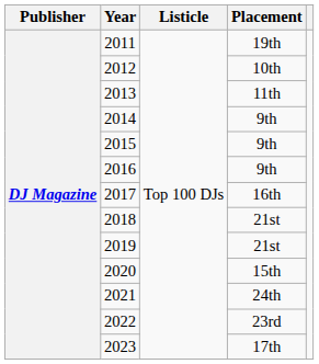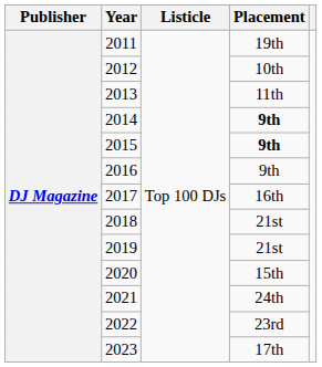 <table class="wikitable plainrowheaders" style="text-align:center">
 <tr>
 <th scope="col">Publisher</th>
 <th scope="col">Year</th>
 <th scope="col">Listicle</th>
 <th scope="col">Placement</th>
 <th scope="col"></th>
 </tr>
 <tr>
 <th rowspan="13" scope="row"><em><a href='#'>DJ Magazine</a></em></th>
 <td>2011</td>
 <td rowspan="13" style="text-align:left">Top 100 DJs</td>
 <td>19th</td>
 <td rowspan="13"></td>
 </tr>
 <tr>
 <td>2012</td>
 <td>10th</td>
 </tr>
 <tr>
 <td>2013</td>
 <td>11th</td>
 </tr>
 <tr>
 <td>2014</td>
-<td>9th</td>
+<td><strong>9th</strong></td>
 </tr>
 <tr>
 <td>2015</td>
-<td>9th</td>
+<td><strong>9th</strong></td>
 </tr>
 <tr>
 <td>2016</td>
 <td>9th</td>
 </tr>
 <tr>
 <td>2017</td>
 <td>16th</td>
 </tr>
 <tr>
 <td>2018</td>
 <td>21st</td>
 </tr>
 <tr>
 <td>2019</td>
 <td>21st</td>
 </tr>
 <tr>
 <td>2020</td>
 <td>15th</td>
 </tr>
 <tr>
 <td>2021</td>
 <td>24th</td>
 </tr>
 <tr>
 <td>2022</td>
 <td>23rd</td>
 </tr>
 <tr>
 <td>2023</td>
 <td>17th</td>
 </tr>
 </table>
